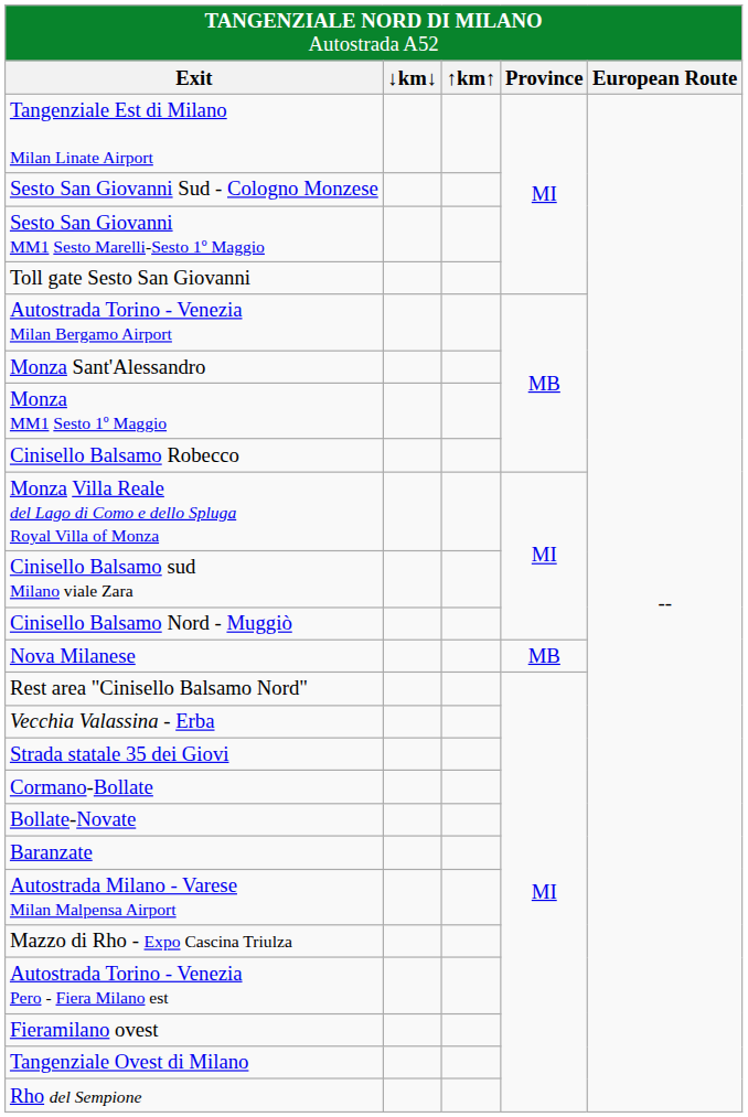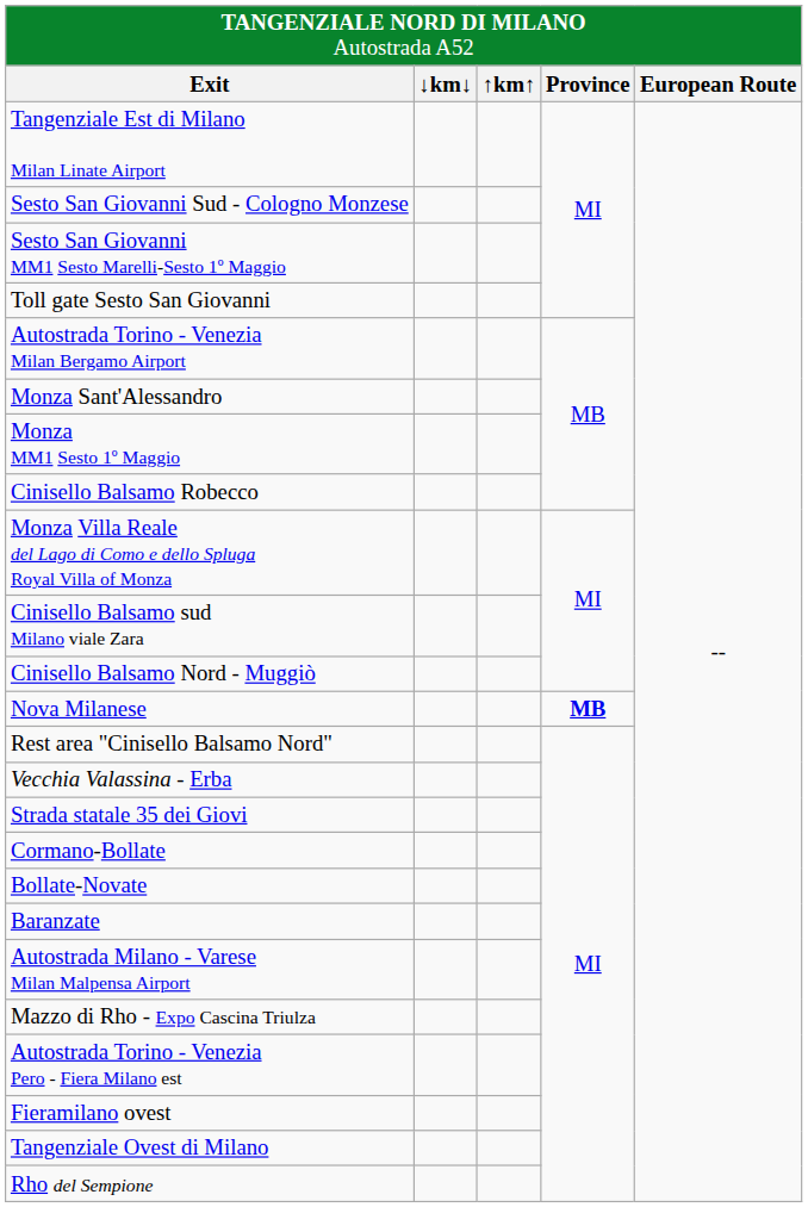 <table class="wikitable">
 <tr align="center" bgcolor="08842C" style="color: white;">
 <td colspan="5"><strong> TANGENZIALE NORD DI MILANO</strong><br>Autostrada A52</td>
 </tr>
 <tr>
 <th style="text-align:center;"><strong>Exit</strong></th>
 <th style="text-align:center;"><strong>↓km↓</strong></th>
 <th style="text-align:center;"><strong>↑km↑</strong></th>
 <th align="center"><strong>Province</strong></th>
 <th align="center"><strong>European Route</strong></th>
 </tr>
 <tr>
 <td>  <a href='#'>Tangenziale Est di Milano</a><br><br><small> <a href='#'>Milan Linate Airport</a></small></td>
 <td align="right"></td>
 <td align="right"></td>
 <td rowspan="4" align="center"><a href='#'>MI</a></td>
 <td rowspan="24" align="center">--</td>
 </tr>
 <tr>
 <td> <a href='#'>Sesto San Giovanni</a> Sud - <a href='#'>Cologno Monzese</a></td>
 <td align="right"></td>
 <td align="right"></td>
 </tr>
 <tr>
 <td> <a href='#'>Sesto San Giovanni</a><br><small> <a href='#'>MM1</a> <a href='#'>Sesto Marelli</a>-<a href='#'>Sesto 1º Maggio</a></small></td>
 <td align="right"></td>
 <td align="right"></td>
 </tr>
 <tr>
 <td> Toll gate Sesto San Giovanni</td>
 <td align="right"></td>
 <td align="right"></td>
 </tr>
 <tr>
 <td>  <a href='#'>Autostrada Torino - Venezia</a><br><small> <a href='#'>Milan Bergamo Airport</a></small></td>
 <td align="right"></td>
 <td align="right"></td>
 <td rowspan="4" align="center"><a href='#'>MB</a></td>
 </tr>
 <tr>
 <td> <a href='#'>Monza</a> Sant'Alessandro</td>
 <td align="right"></td>
 <td align="right"></td>
 </tr>
 <tr>
 <td> <a href='#'>Monza</a> <br><small> <a href='#'>MM1</a> <a href='#'>Sesto 1º Maggio</a></small></td>
 <td align="right"></td>
 <td align="right"></td>
 </tr>
 <tr>
 <td> <a href='#'>Cinisello Balsamo</a> Robecco</td>
 <td align="right"></td>
 <td align="right"></td>
 </tr>
 <tr>
 <td> <a href='#'>Monza</a> <a href='#'>Villa Reale</a><br> <small><em><a href='#'>del Lago di Como e dello Spluga</a></em><br> <a href='#'>Royal Villa of Monza</a></small></td>
 <td align="right"></td>
 <td align="right"></td>
 <td rowspan="3" align="center"><a href='#'>MI</a></td>
 </tr>
 <tr>
 <td> <a href='#'>Cinisello Balsamo</a> sud<br><small><a href='#'>Milano</a> viale Zara</small></td>
 <td align="right"></td>
 <td align="right"></td>
 </tr>
 <tr>
 <td>  <a href='#'>Cinisello Balsamo</a> Nord - <a href='#'>Muggiò</a></td>
 <td align="right"></td>
 <td align="right"></td>
 </tr>
 <tr>
 <td>  <a href='#'>Nova Milanese</a></td>
 <td align="right"></td>
 <td align="right"></td>
-<td align="center"><a href='#'>MB</a></td>
+<td align="center"><strong><a href='#'>MB</a></strong></td>
 </tr>
 <tr>
 <td> Rest area "Cinisello Balsamo Nord"</td>
 <td align="right"></td>
 <td align="right"></td>
 <td rowspan="12" align="center"><a href='#'>MI</a></td>
 </tr>
 <tr>
 <td>  <em>Vecchia Valassina</em> - <a href='#'>Erba</a></td>
 <td align="right"></td>
 <td align="right"></td>
 </tr>
 <tr>
 <td>  <a href='#'>Strada statale 35 dei Giovi</a></td>
 <td align="right"></td>
 <td align="right"></td>
 </tr>
 <tr>
 <td> <a href='#'>Cormano</a>-<a href='#'>Bollate</a></td>
 <td align="right"></td>
 <td align="right"></td>
 </tr>
 <tr>
 <td> <a href='#'>Bollate</a>-<a href='#'>Novate</a></td>
 <td align="right"></td>
 <td align="right"></td>
 </tr>
 <tr>
 <td> <a href='#'>Baranzate</a></td>
 <td align="right"></td>
 <td align="right"></td>
 </tr>
 <tr>
 <td>  <a href='#'>Autostrada Milano - Varese</a><br><small> <a href='#'>Milan Malpensa Airport</a></small></td>
 <td align="right"></td>
 <td align="right"></td>
 </tr>
 <tr>
 <td> Mazzo di Rho - <small><a href='#'>Expo</a> Cascina Triulza</small></td>
 <td align="right"></td>
 <td align="right"></td>
 </tr>
 <tr>
 <td>  <a href='#'>Autostrada Torino - Venezia</a><small><br><a href='#'>Pero</a> - <a href='#'>Fiera Milano</a> est</small></td>
 <td align="right"></td>
 <td align="right"></td>
 </tr>
 <tr>
 <td> <a href='#'>Fieramilano</a> ovest</td>
 <td align="right"></td>
 <td align="right"></td>
 </tr>
 <tr>
 <td>  <a href='#'>Tangenziale Ovest di Milano</a></td>
 <td align="right"></td>
 <td align="right"></td>
 </tr>
 <tr>
 <td>  <a href='#'>Rho</a>  <small><em>del Sempione</em></small></td>
 <td align="right"></td>
 <td align="right"></td>
 </tr>
 </table>
